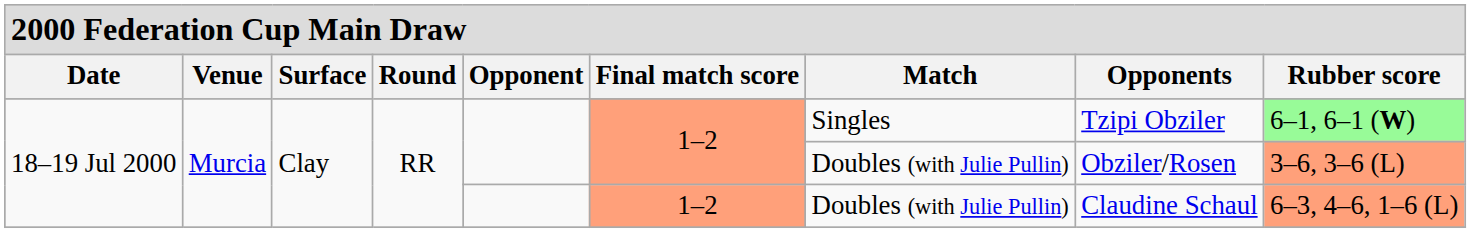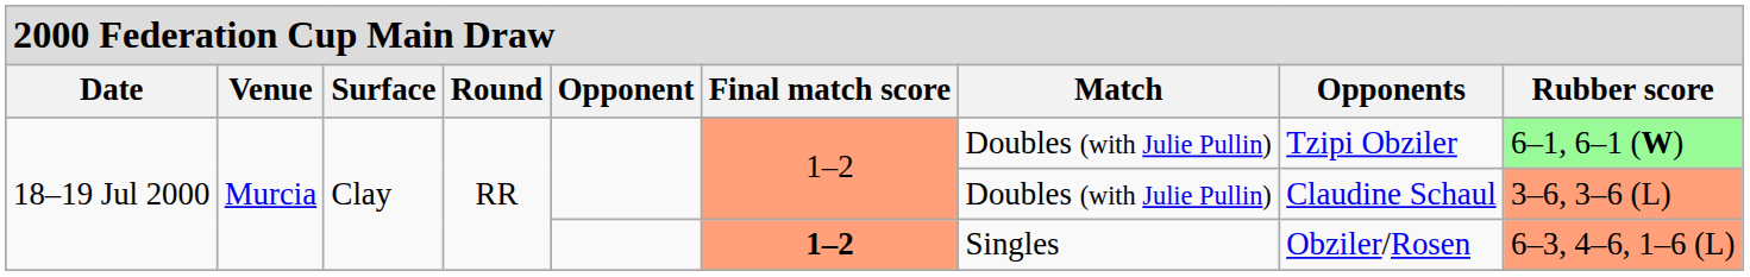 <table class="wikitable" style="font-size:98%;">
 <tr bgcolor="Gainsboro">
 <td colspan="9"><big><strong>2000 Federation Cup Main Draw</strong></big></td>
 </tr>
 <tr>
 <th>Date</th>
 <th>Venue</th>
 <th>Surface</th>
 <th>Round</th>
 <th>Opponent</th>
 <th>Final match score</th>
 <th>Match</th>
 <th>Opponents</th>
 <th>Rubber score</th>
 </tr>
 <tr>
 <td rowspan="3">18–19 Jul 2000</td>
 <td rowspan="3"><a href='#'>Murcia</a></td>
 <td rowspan="3">Clay</td>
 <td align=center rowspan="3">RR</td>
 <td rowspan="2"></td>
 <td align="center" rowspan="2" bgcolor="FFA07A">1–2</td>
-<td>Singles</td>
+<td>Doubles <small>(with <a href='#'>Julie Pullin</a>)</small></td>
 <td><a href='#'>Tzipi Obziler</a></td>
 <td bgcolor="98FB98">6–1, 6–1 (<strong>W</strong>)</td>
 </tr>
 <tr>
 <td>Doubles <small>(with <a href='#'>Julie Pullin</a>)</small></td>
-<td><a href='#'>Obziler</a>/<a href='#'>Rosen</a></td>
+<td><a href='#'>Claudine Schaul</a></td>
 <td bgcolor="FFA07A">3–6, 3–6 (L)</td>
 </tr>
 <tr>
 <td></td>
-<td align="center" bgcolor="FFA07A">1–2</td>
-<td>Doubles <small>(with <a href='#'>Julie Pullin</a>)</small></td>
-<td><a href='#'>Claudine Schaul</a></td>
+<td align="center" bgcolor="FFA07A"><strong>1–2</strong></td>
+<td>Singles</td>
+<td><a href='#'>Obziler</a>/<a href='#'>Rosen</a></td>
 <td bgcolor="FFA07A">6–3, 4–6, 1–6 (L)</td>
 </tr>
 </table>
